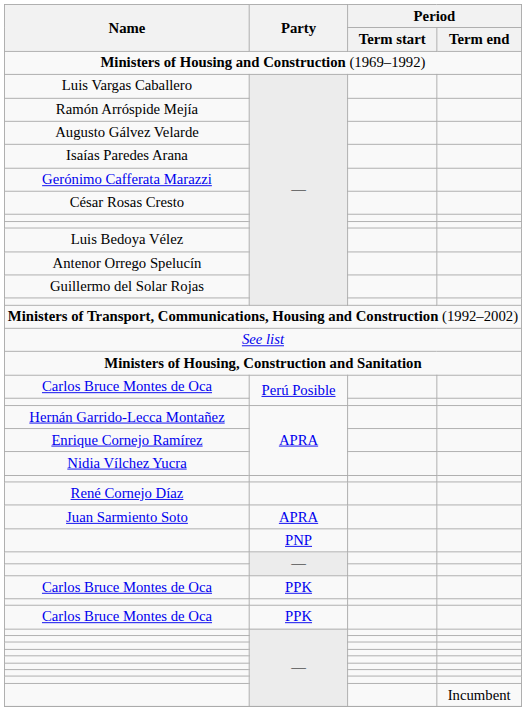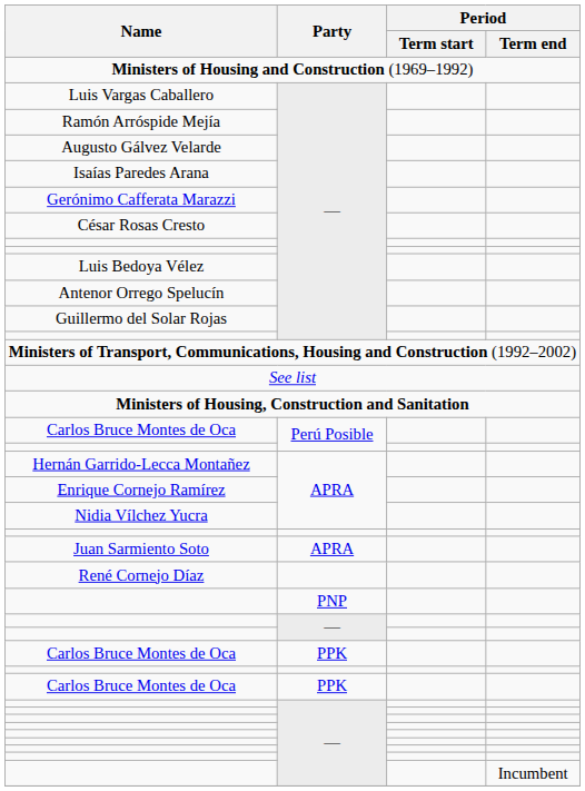 <table class="wikitable" style="text-align: center">
 <tr>
 <th rowspan=2><strong>Name</strong></th>
 <th rowspan=2><strong>Party</strong></th>
 <th colspan=2><strong>Period</strong></th>
 </tr>
 <tr>
 <th>Term start</th>
 <th>Term end</th>
 </tr>
 <tr>
 <td colspan=4><div><strong>Ministers of Housing and Construction</strong> (1969–1992)</div></td>
 </tr>
 <tr>
 <td>Luis Vargas Caballero</td>
 <td rowspan=12; style="background: var(--background-color-interactive, #ececec)">—</td>
 <td></td>
 <td></td>
 </tr>
 <tr>
 <td>Ramón Arróspide Mejía</td>
 <td></td>
 <td></td>
 </tr>
 <tr>
 <td>Augusto Gálvez Velarde</td>
 <td></td>
 <td></td>
 </tr>
 <tr>
 <td>Isaías Paredes Arana</td>
 <td></td>
 <td></td>
 </tr>
 <tr>
 <td><a href='#'>Gerónimo Cafferata Marazzi</a></td>
 <td></td>
 <td></td>
 </tr>
 <tr>
 <td>César Rosas Cresto</td>
 <td></td>
 <td></td>
 </tr>
 <tr>
 <td></td>
 <td></td>
 <td></td>
 </tr>
 <tr>
 <td></td>
 <td></td>
 <td></td>
 </tr>
 <tr>
 <td>Luis Bedoya Vélez</td>
 <td></td>
 <td></td>
 </tr>
 <tr>
 <td>Antenor Orrego Spelucín</td>
 <td></td>
 <td></td>
 </tr>
 <tr>
 <td>Guillermo del Solar Rojas</td>
 <td></td>
 <td></td>
 </tr>
 <tr>
 <td></td>
 <td></td>
 <td></td>
 </tr>
 <tr>
 <td colspan=4><div><strong>Ministers of Transport, Communications, Housing and Construction</strong> (1992–2002)</div></td>
 </tr>
 <tr>
 <td colspan=4><div><em><a href='#'>See list</a></em></div></td>
 </tr>
 <tr>
 <td colspan=4><div><strong>Ministers of Housing, Construction and Sanitation</strong></div></td>
 </tr>
 <tr>
 <td><a href='#'>Carlos Bruce Montes de Oca</a></td>
 <td rowspan="2"><a href='#'>Perú Posible</a></td>
 <td></td>
 <td></td>
 </tr>
 <tr>
 <td></td>
 <td></td>
 <td></td>
 </tr>
 <tr>
 <td><a href='#'>Hernán Garrido-Lecca Montañez</a></td>
 <td rowspan="3"><a href='#'>APRA</a></td>
 <td></td>
 <td></td>
 </tr>
 <tr>
 <td><a href='#'>Enrique Cornejo Ramírez</a></td>
 <td></td>
 <td></td>
 </tr>
 <tr>
 <td><a href='#'>Nidia Vílchez Yucra</a></td>
 <td></td>
 <td></td>
 </tr>
 <tr>
 <td></td>
 <td></td>
 <td></td>
 <td></td>
 </tr>
 <tr>
-<td><a href='#'>René Cornejo Díaz</a></td>
-<td></td>
+<td><a href='#'>Juan Sarmiento Soto</a></td>
+<td><a href='#'>APRA</a></td>
 <td></td>
 <td></td>
 </tr>
 <tr>
-<td><a href='#'>Juan Sarmiento Soto</a></td>
-<td><a href='#'>APRA</a></td>
+<td><a href='#'>René Cornejo Díaz</a></td>
+<td></td>
 <td></td>
 <td></td>
 </tr>
 <tr>
 <td></td>
 <td><a href='#'>PNP</a></td>
 <td></td>
 <td></td>
 </tr>
 <tr>
 <td></td>
 <td rowspan=2; style="background: var(--background-color-interactive, #ececec)">—</td>
 <td></td>
 <td></td>
 </tr>
 <tr>
 <td></td>
 <td></td>
 <td></td>
 </tr>
 <tr>
 <td><a href='#'>Carlos Bruce Montes de Oca</a></td>
 <td><a href='#'>PPK</a></td>
 <td></td>
 <td></td>
 </tr>
 <tr>
 <td></td>
 <td></td>
 <td></td>
 <td></td>
 </tr>
 <tr>
 <td><a href='#'>Carlos Bruce Montes de Oca</a></td>
 <td><a href='#'>PPK</a></td>
 <td></td>
 <td></td>
 </tr>
 <tr>
 <td></td>
 <td rowspan=9; style="background: var(--background-color-interactive, #ececec)">—</td>
 <td></td>
 <td></td>
 </tr>
 <tr>
 <td></td>
 <td></td>
 <td></td>
 </tr>
 <tr>
 <td></td>
 <td></td>
 <td></td>
 </tr>
 <tr>
 <td></td>
 <td></td>
 <td></td>
 </tr>
 <tr>
 <td></td>
 <td></td>
 <td></td>
 </tr>
 <tr>
 <td></td>
 <td></td>
 <td></td>
 </tr>
 <tr>
 <td></td>
 <td></td>
 <td></td>
 </tr>
 <tr>
 <td></td>
 <td></td>
 <td></td>
 </tr>
 <tr>
 <td></td>
 <td></td>
 <td>Incumbent</td>
 </tr>
 <tr>
 </tr>
 </table>
